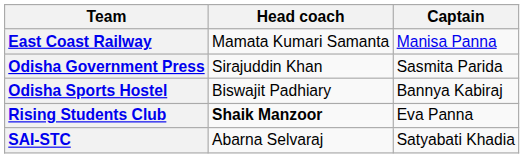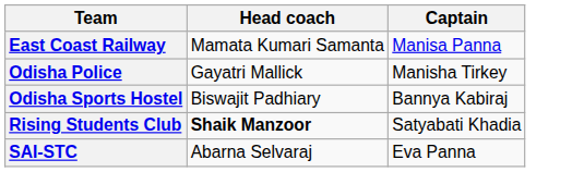 <table class="wikitable sortable" style="text-align: left; font-size:85%">
 <tr>
 <th scope=col>Team</th>
 <th scope=col>Head coach</th>
 <th scope=col>Captain</th>
 </tr>
 <tr>
 <th scope=row style="text-align: left;"><a href='#'>East Coast Railway</a></th>
 <td> Mamata Kumari Samanta</td>
 <td> <a href='#'>Manisa Panna</a></td>
 </tr>
 <tr>
-<th scope=row style="text-align: left;"><a href='#'>Odisha Government Press</a></th>
-<td> Sirajuddin Khan</td>
-<td> Sasmita Parida</td>
+<th scope=row style="text-align: left;"><a href='#'>Odisha Police</a></th>
+<td> Gayatri Mallick</td>
+<td> Manisha Tirkey</td>
 </tr>
 <tr>
 <th scope=row style="text-align: left;"><a href='#'>Odisha Sports Hostel</a></th>
 <td> Biswajit Padhiary</td>
 <td> Bannya Kabiraj</td>
 </tr>
 <tr>
 <th scope=row style="text-align: left;"><a href='#'>Rising Students Club</a></th>
 <td><strong> Shaik Manzoor</strong></td>
-<td> Eva Panna</td>
+<td> Satyabati Khadia</td>
 </tr>
 <tr>
 <th scope=row style="text-align: left;"><a href='#'>SAI-STC</a></th>
 <td> Abarna Selvaraj</td>
-<td> Satyabati Khadia</td>
+<td> Eva Panna</td>
 </tr>
 </table>
